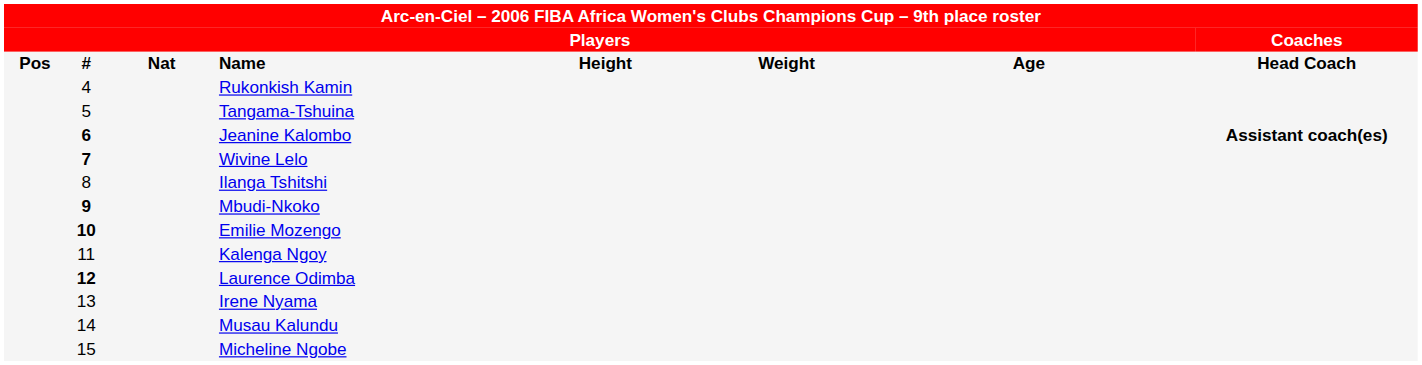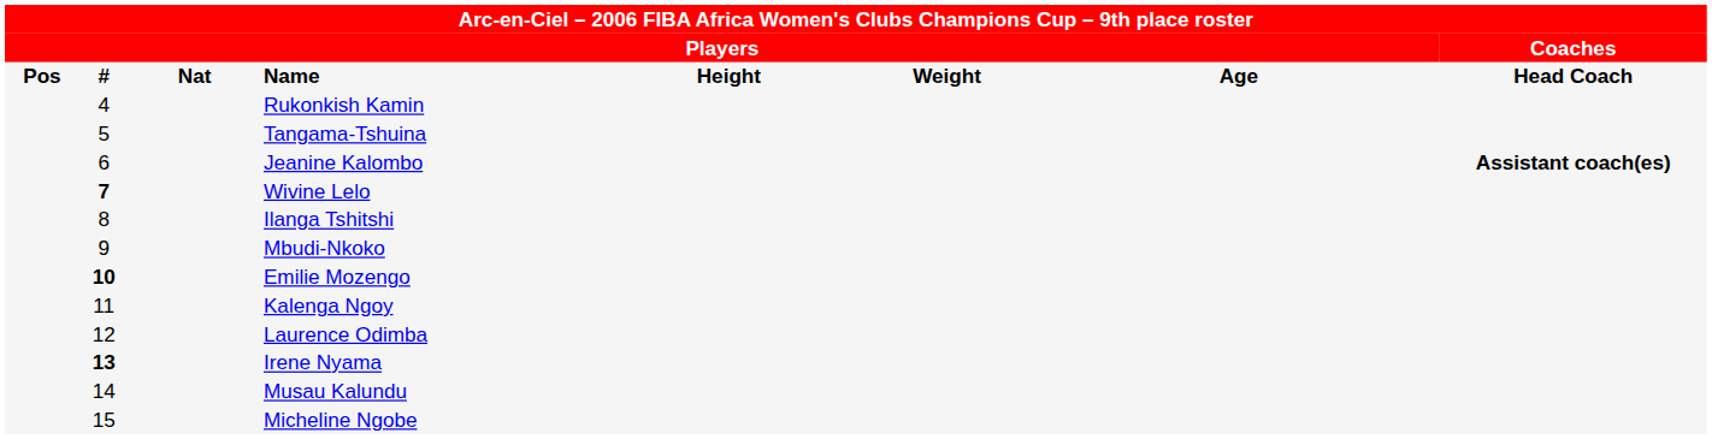 <table border=0 cellpadding=2 cellspacing=0  |- bgcolor=#f5f5f5 style="text-align:center; font-size:90%;" width=75%>
 <tr>
 <td colspan="8" style="background: red; color: white"><strong>Arc-en-Ciel – 2006 FIBA Africa Women's Clubs Champions Cup – 9th place roster</strong></td>
 </tr>
 <tr>
 <td colspan="7" style="background: red; color: white"><strong>Players</strong></td>
 <td style="background: red; color: white"><strong>Coaches</strong></td>
 </tr>
 <tr style="background=#f5f5f5; color: black">
 <th width=5px>Pos</th>
 <th width=5px>#</th>
 <th width=50px>Nat</th>
 <th width=135px align=left>Name</th>
 <th width=100px>Height</th>
 <th width=70px>Weight</th>
 <th width=160px>Age</th>
 <th width=105px>Head Coach</th>
 </tr>
 <tr>
 <td></td>
 <td>4</td>
 <td></td>
 <td align=left><a href='#'>Rukonkish Kamin</a></td>
 <td></td>
 <td></td>
 <td><span></span></td>
 <td></td>
 </tr>
 <tr>
 <td></td>
 <td>5</td>
 <td></td>
 <td align=left><a href='#'>Tangama-Tshuina</a></td>
 <td></td>
 <td></td>
 <td><span></span></td>
 </tr>
 <tr>
 <td></td>
-<td><strong>6</strong></td>
+<td>6</td>
 <td></td>
 <td align=left><a href='#'>Jeanine Kalombo</a></td>
 <td></td>
 <td></td>
 <td><span></span></td>
 <td><strong>Assistant coach(es)</strong></td>
 </tr>
 <tr>
 <td></td>
 <td><strong>7</strong></td>
 <td></td>
 <td align=left><a href='#'>Wivine Lelo</a></td>
 <td></td>
 <td></td>
 <td><span></span></td>
 <td></td>
 </tr>
 <tr>
 <td></td>
 <td>8</td>
 <td></td>
 <td align=left><a href='#'>Ilanga Tshitshi</a></td>
 <td></td>
 <td></td>
 <td><span></span></td>
 <td></td>
 </tr>
 <tr>
 <td></td>
-<td><strong>9</strong></td>
+<td>9</td>
 <td></td>
 <td align=left><a href='#'>Mbudi-Nkoko</a></td>
 <td></td>
 <td></td>
 <td><span></span></td>
 </tr>
 <tr>
 <td></td>
 <td><strong>10</strong></td>
 <td></td>
 <td align=left><a href='#'>Emilie Mozengo</a></td>
 <td></td>
 <td></td>
 <td><span></span></td>
 </tr>
 <tr>
 <td></td>
 <td>11</td>
 <td></td>
 <td align=left><a href='#'>Kalenga Ngoy</a></td>
 <td></td>
 <td></td>
 <td><span></span></td>
 </tr>
 <tr>
 <td></td>
-<td><strong>12</strong></td>
+<td>12</td>
 <td></td>
 <td align=left><a href='#'>Laurence Odimba</a></td>
 <td></td>
 <td></td>
 <td><span></span></td>
 </tr>
 <tr>
 <td></td>
-<td>13</td>
+<td><strong>13</strong></td>
 <td></td>
 <td align=left><a href='#'>Irene Nyama</a></td>
 <td></td>
 <td></td>
 <td><span></span></td>
 </tr>
 <tr>
 <td></td>
 <td>14</td>
 <td></td>
 <td align=left><a href='#'>Musau Kalundu</a></td>
 <td></td>
 <td></td>
 <td><span></span></td>
 </tr>
 <tr>
 <td></td>
 <td>15</td>
 <td></td>
 <td align=left><a href='#'>Micheline Ngobe</a></td>
 <td></td>
 <td></td>
 <td><span></span></td>
 </tr>
 </table>
